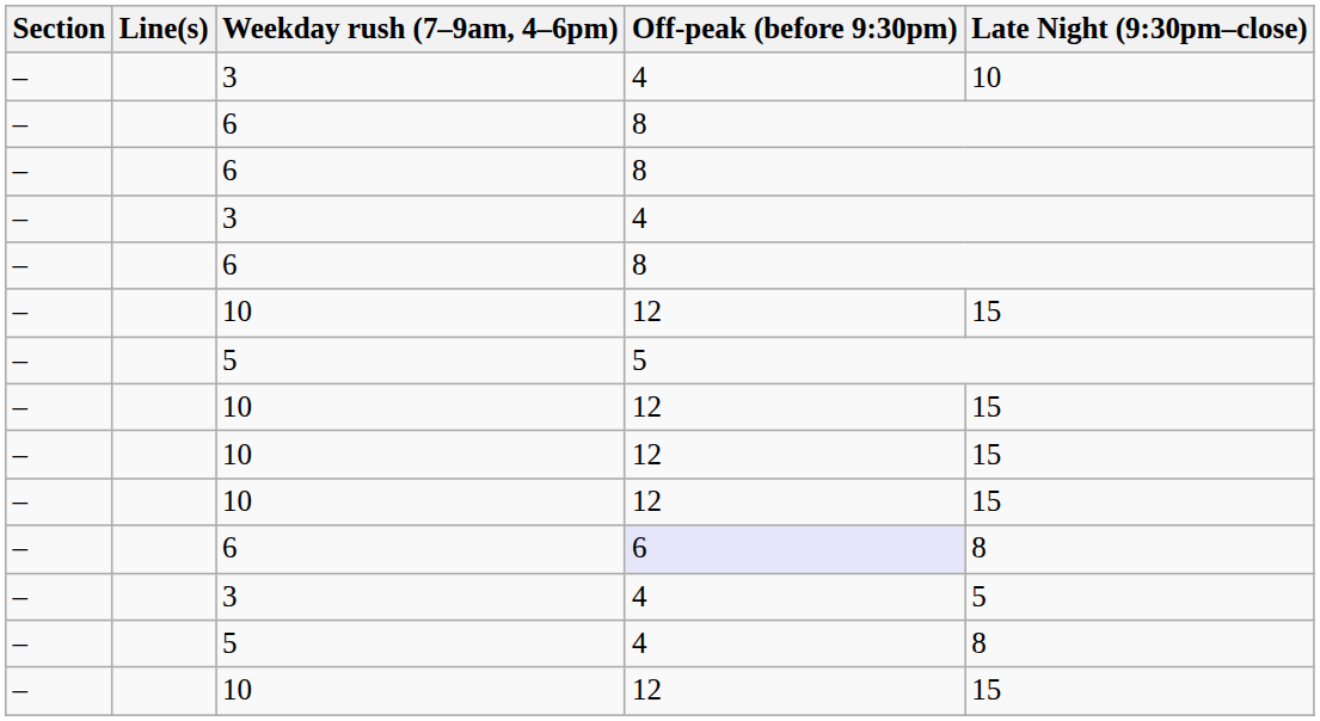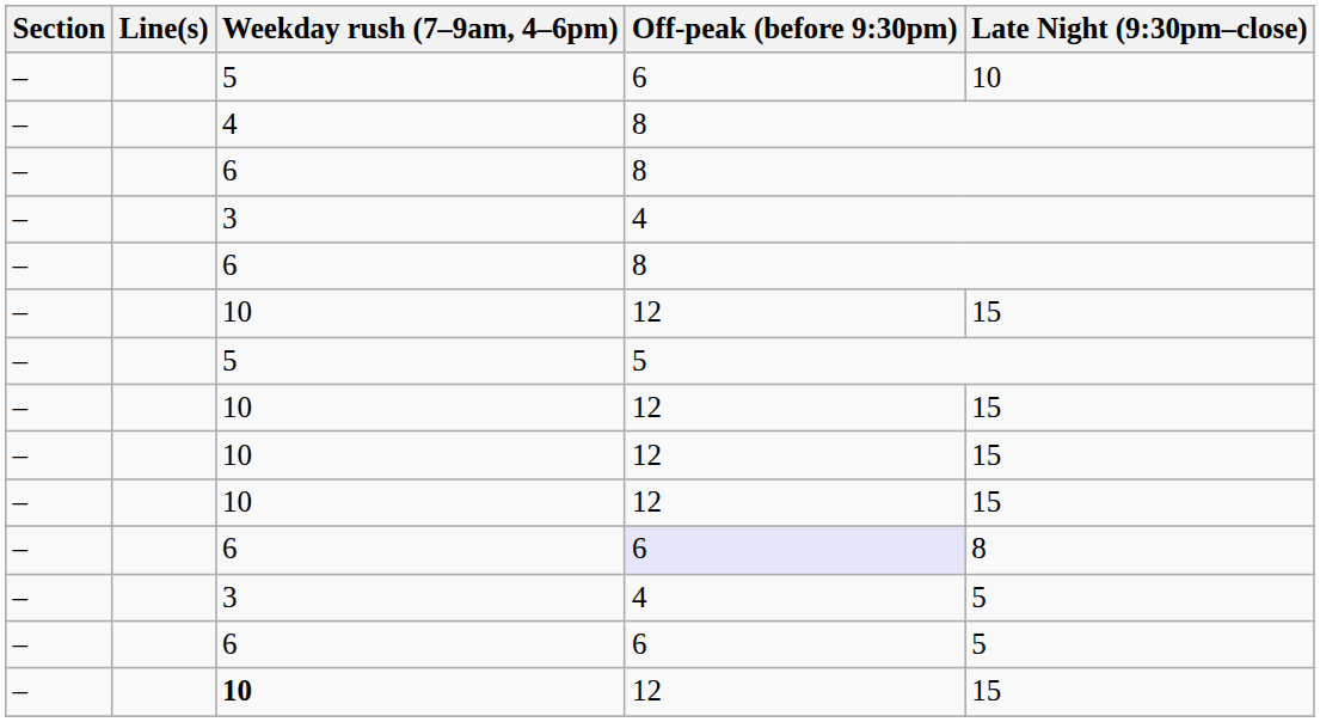 <table class="wikitable">
 <tr>
 <th>Section</th>
 <th>Line(s)</th>
 <th>Weekday rush (7–9am, 4–6pm)</th>
 <th>Off-peak (before 9:30pm)</th>
 <th>Late Night (9:30pm–close)</th>
 </tr>
 <tr>
 <td> – </td>
 <td></td>
-<td>3</td>
-<td>4</td>
+<td>5</td>
+<td>6</td>
 <td>10</td>
 </tr>
 <tr>
 <td> – </td>
 <td></td>
-<td colspan="1">6</td>
+<td colspan="1">4</td>
 <td colspan="2">8</td>
 </tr>
 <tr>
 <td> – </td>
 <td></td>
 <td colspan="1">6</td>
 <td colspan="2">8</td>
 </tr>
 <tr>
 <td> – </td>
 <td> </td>
 <td colspan="1">3</td>
 <td colspan="2">4</td>
 </tr>
 <tr>
 <td> – </td>
 <td></td>
 <td colspan="1">6</td>
 <td colspan="2">8</td>
 </tr>
 <tr>
 <td> – </td>
 <td></td>
 <td>10</td>
 <td>12</td>
 <td>15</td>
 </tr>
 <tr>
 <td> – </td>
 <td> </td>
 <td colspan="1">5</td>
 <td colspan="2">5</td>
 </tr>
 <tr>
 <td> – </td>
 <td></td>
 <td>10</td>
 <td>12</td>
 <td>15</td>
 </tr>
 <tr>
 <td> – </td>
 <td></td>
 <td>10</td>
 <td>12</td>
 <td>15</td>
 </tr>
 <tr>
 <td> – </td>
 <td></td>
 <td>10</td>
 <td>12</td>
 <td>15</td>
 </tr>
 <tr>
 <td> – </td>
 <td> </td>
 <td>6</td>
 <td style="background: lavender;">6</td>
 <td>8</td>
 </tr>
 <tr>
 <td> – </td>
 <td>  </td>
 <td>3</td>
 <td>4</td>
 <td>5</td>
 </tr>
 <tr>
 <td> – </td>
 <td> </td>
+<td>6</td>
+<td>6</td>
 <td>5</td>
-<td>4</td>
-<td>8</td>
 </tr>
 <tr>
 <td> – </td>
 <td></td>
-<td>10</td>
+<td><strong>10</strong></td>
 <td>12</td>
 <td>15</td>
 </tr>
 </table>
